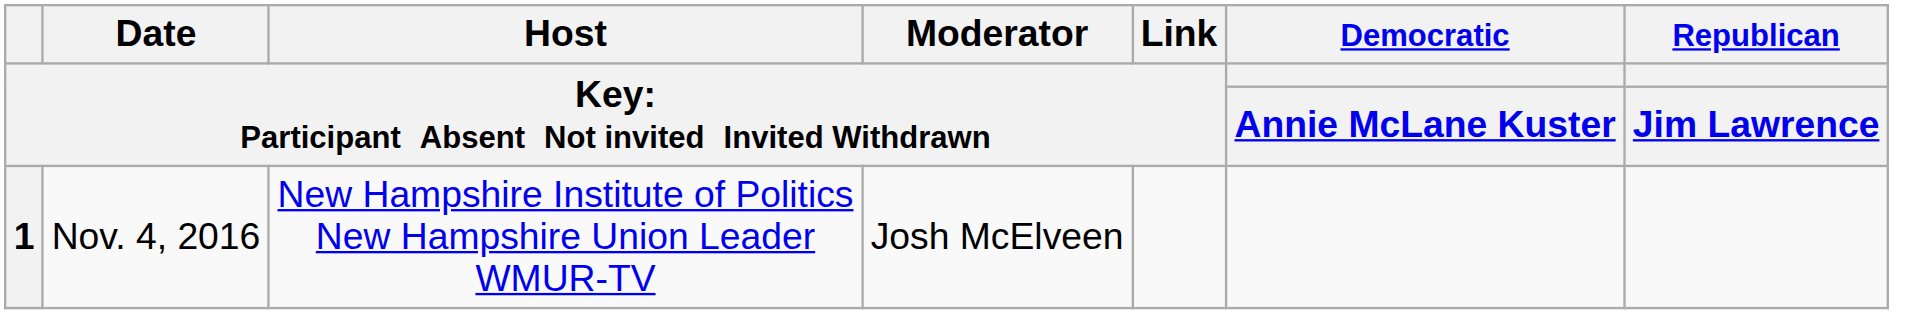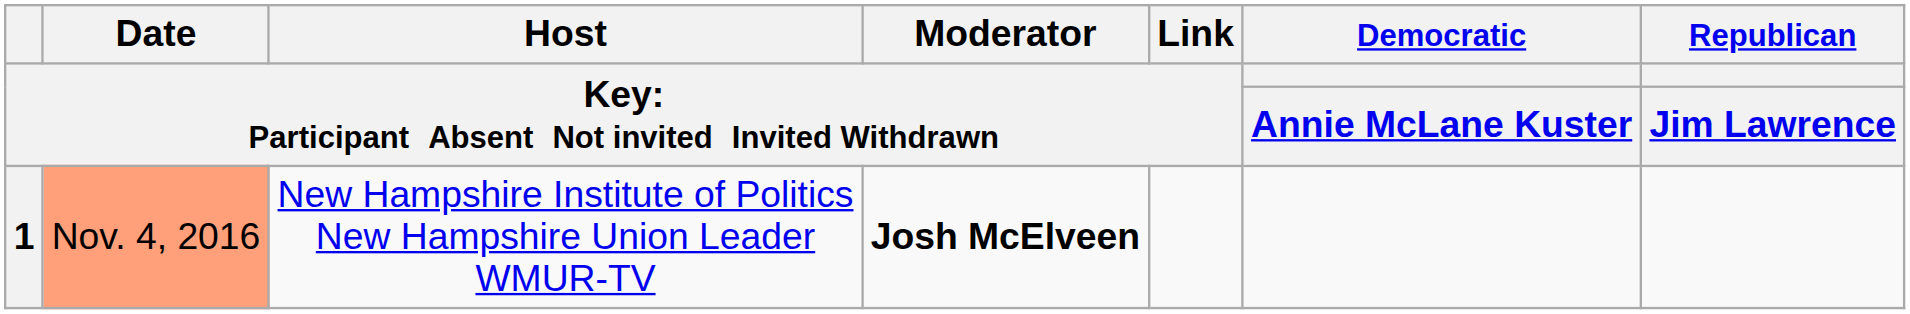 <table class="wikitable" style="text-align:center;">
 <tr>
 <th scope="col"></th>
 <th scope="col">Date</th>
 <th scope="col">Host</th>
 <th scope="col">Moderator</th>
 <th scope="col">Link</th>
 <th scope="col"><small><a href='#'>Democratic</a></small></th>
 <th scope="col"><small><a href='#'>Republican</a></small></th>
 </tr>
 <tr>
 <th colspan="5" rowspan="2">Key:<br> <small>Participant </small>  <small>Absent </small>  <small>Not invited </small>  <small>Invited  Withdrawn</small></th>
 <th scope="col" style="background:"></th>
 <th scope="col" style="background:"></th>
 </tr>
 <tr>
 <th scope="col"><a href='#'>Annie McLane Kuster</a></th>
 <th scope="col"><a href='#'>Jim Lawrence</a></th>
 </tr>
 <tr>
 <th>1</th>
-<td style="white-space:nowrap;">Nov. 4, 2016</td>
+<td style="background: lightsalmon; white-space:nowrap;">Nov. 4, 2016</td>
 <td style="white-space:nowrap;"><a href='#'>New Hampshire Institute of Politics</a><br><a href='#'>New Hampshire Union Leader</a><br><a href='#'>WMUR-TV</a></td>
-<td style="white-space:nowrap;">Josh McElveen</td>
+<td style="white-space:nowrap;"><strong>Josh McElveen</strong></td>
 <td style="white-space:nowrap;"></td>
 <td></td>
 <td></td>
 </tr>
 </table>
